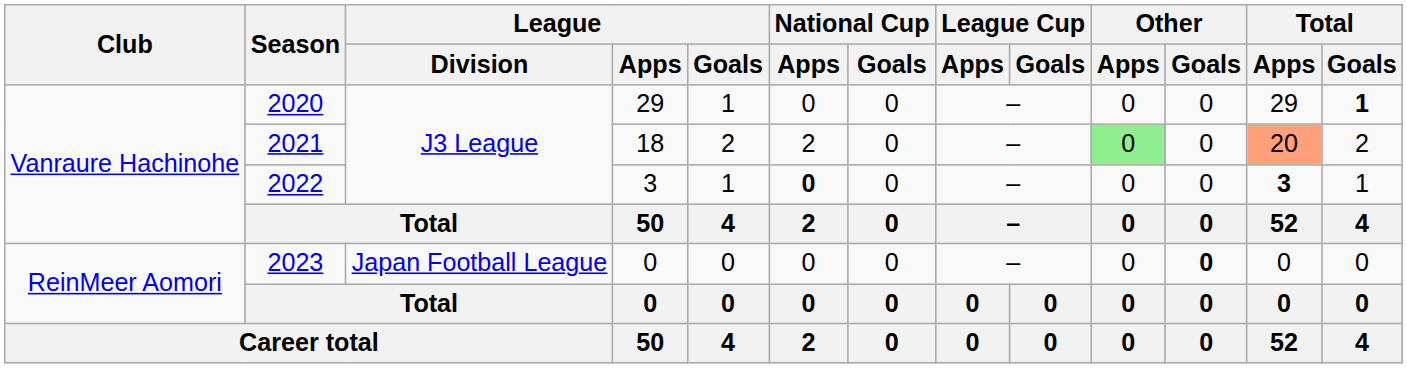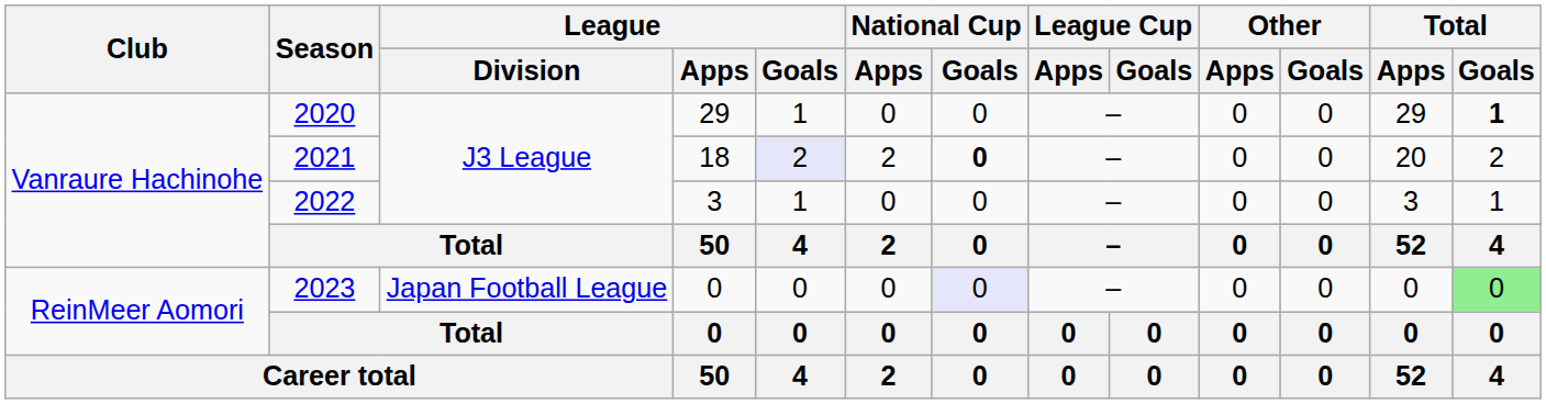 <table class="wikitable" style="text-align: center">
 <tr>
 <th rowspan="2">Club</th>
 <th rowspan="2">Season</th>
 <th colspan="3">League</th>
 <th colspan="2">National Cup</th>
 <th colspan="2">League Cup</th>
 <th colspan="2">Other</th>
 <th colspan="2">Total</th>
 </tr>
 <tr>
 <th>Division</th>
 <th>Apps</th>
 <th>Goals</th>
 <th>Apps</th>
 <th>Goals</th>
 <th>Apps</th>
 <th>Goals</th>
 <th>Apps</th>
 <th>Goals</th>
 <th>Apps</th>
 <th>Goals</th>
 </tr>
 <tr>
 <td rowspan="4"><a href='#'>Vanraure Hachinohe</a></td>
 <td><a href='#'>2020</a></td>
 <td rowspan="3"><a href='#'>J3 League</a></td>
 <td>29</td>
 <td>1</td>
 <td>0</td>
 <td>0</td>
 <td colspan="2">–</td>
 <td>0</td>
 <td>0</td>
 <td>29</td>
 <td><strong>1</strong></td>
 </tr>
 <tr>
 <td><a href='#'>2021</a></td>
 <td>18</td>
+<td style="background: lavender;">2</td>
 <td>2</td>
-<td>2</td>
+<td><strong>0</strong></td>
+<td colspan="2">–</td>
 <td>0</td>
-<td colspan="2">–</td>
-<td style="background: lightgreen;">0</td>
 <td>0</td>
-<td style="background: lightsalmon;">20</td>
+<td>20</td>
 <td>2</td>
 </tr>
 <tr>
 <td><a href='#'>2022</a></td>
 <td>3</td>
 <td>1</td>
-<td><strong>0</strong></td>
+<td>0</td>
 <td>0</td>
 <td colspan="2">–</td>
 <td>0</td>
 <td>0</td>
-<td><strong>3</strong></td>
+<td>3</td>
 <td>1</td>
 </tr>
 <tr>
 <th colspan=2>Total</th>
 <th>50</th>
 <th>4</th>
 <th>2</th>
 <th>0</th>
 <th colspan="2">–</th>
 <th>0</th>
 <th>0</th>
 <th>52</th>
 <th>4</th>
 </tr>
 <tr>
 <td rowspan="2"><a href='#'>ReinMeer Aomori</a></td>
 <td><a href='#'>2023</a></td>
 <td><a href='#'>Japan Football League</a></td>
 <td>0</td>
 <td>0</td>
 <td>0</td>
-<td>0</td>
+<td style="background: lavender;">0</td>
 <td colspan="2">–</td>
 <td>0</td>
-<td><strong>0</strong></td>
 <td>0</td>
 <td>0</td>
+<td style="background: lightgreen;">0</td>
 </tr>
 <tr>
 <th colspan=2>Total</th>
 <th>0</th>
 <th>0</th>
 <th>0</th>
 <th>0</th>
 <th>0</th>
 <th>0</th>
 <th>0</th>
 <th>0</th>
 <th>0</th>
 <th>0</th>
 </tr>
 <tr>
 <th colspan=3>Career total</th>
 <th>50</th>
 <th>4</th>
 <th>2</th>
 <th>0</th>
 <th>0</th>
 <th>0</th>
 <th>0</th>
 <th>0</th>
 <th>52</th>
 <th>4</th>
 </tr>
 </table>
